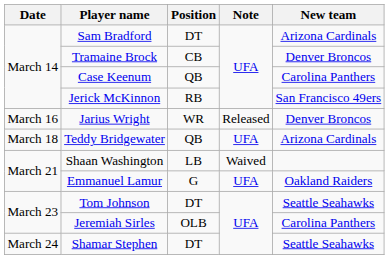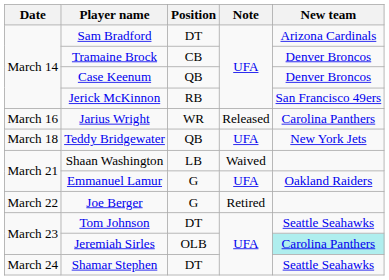 <table class="wikitable" style="text-align:center">
 <tr>
 <th>Date</th>
 <th>Player name</th>
 <th>Position</th>
 <th>Note</th>
 <th>New team</th>
 </tr>
 <tr>
 <td rowspan=4>March 14</td>
 <td><a href='#'>Sam Bradford</a></td>
 <td>DT</td>
 <td rowspan=4><a href='#'>UFA</a></td>
 <td><a href='#'>Arizona Cardinals</a></td>
 </tr>
 <tr>
 <td><a href='#'>Tramaine Brock</a></td>
 <td>CB</td>
 <td><a href='#'>Denver Broncos</a></td>
 </tr>
 <tr>
 <td><a href='#'>Case Keenum</a></td>
 <td>QB</td>
-<td><a href='#'>Carolina Panthers</a></td>
+<td><a href='#'>Denver Broncos</a></td>
 </tr>
 <tr>
 <td><a href='#'>Jerick McKinnon</a></td>
 <td>RB</td>
 <td><a href='#'>San Francisco 49ers</a></td>
 </tr>
 <tr>
 <td>March 16</td>
 <td><a href='#'>Jarius Wright</a></td>
 <td>WR</td>
 <td>Released</td>
-<td><a href='#'>Denver Broncos</a></td>
+<td><a href='#'>Carolina Panthers</a></td>
 </tr>
 <tr>
 <td>March 18</td>
 <td><a href='#'>Teddy Bridgewater</a></td>
 <td>QB</td>
 <td><a href='#'>UFA</a></td>
-<td><a href='#'>Arizona Cardinals</a></td>
+<td><a href='#'>New York Jets</a></td>
 </tr>
 <tr>
 <td rowspan=2>March 21</td>
 <td>Shaan Washington</td>
 <td>LB</td>
 <td>Waived</td>
 <td></td>
 </tr>
 <tr>
 <td><a href='#'>Emmanuel Lamur</a></td>
 <td>G</td>
 <td><a href='#'>UFA</a></td>
 <td><a href='#'>Oakland Raiders</a></td>
 </tr>
 <tr>
+<td>March 22</td>
+<td><a href='#'>Joe Berger</a></td>
+<td>G</td>
+<td>Retired</td>
+<td></td>
+</tr>
+<tr>
 <td rowspan=2>March 23</td>
 <td><a href='#'>Tom Johnson</a></td>
 <td>DT</td>
 <td rowspan=3><a href='#'>UFA</a></td>
 <td><a href='#'>Seattle Seahawks</a></td>
 </tr>
 <tr>
 <td><a href='#'>Jeremiah Sirles</a></td>
 <td>OLB</td>
-<td><a href='#'>Carolina Panthers</a></td>
+<td style="background: paleturquoise;"><a href='#'>Carolina Panthers</a></td>
 </tr>
 <tr>
 <td>March 24</td>
 <td><a href='#'>Shamar Stephen</a></td>
 <td>DT</td>
 <td><a href='#'>Seattle Seahawks</a></td>
 </tr>
 </table>
